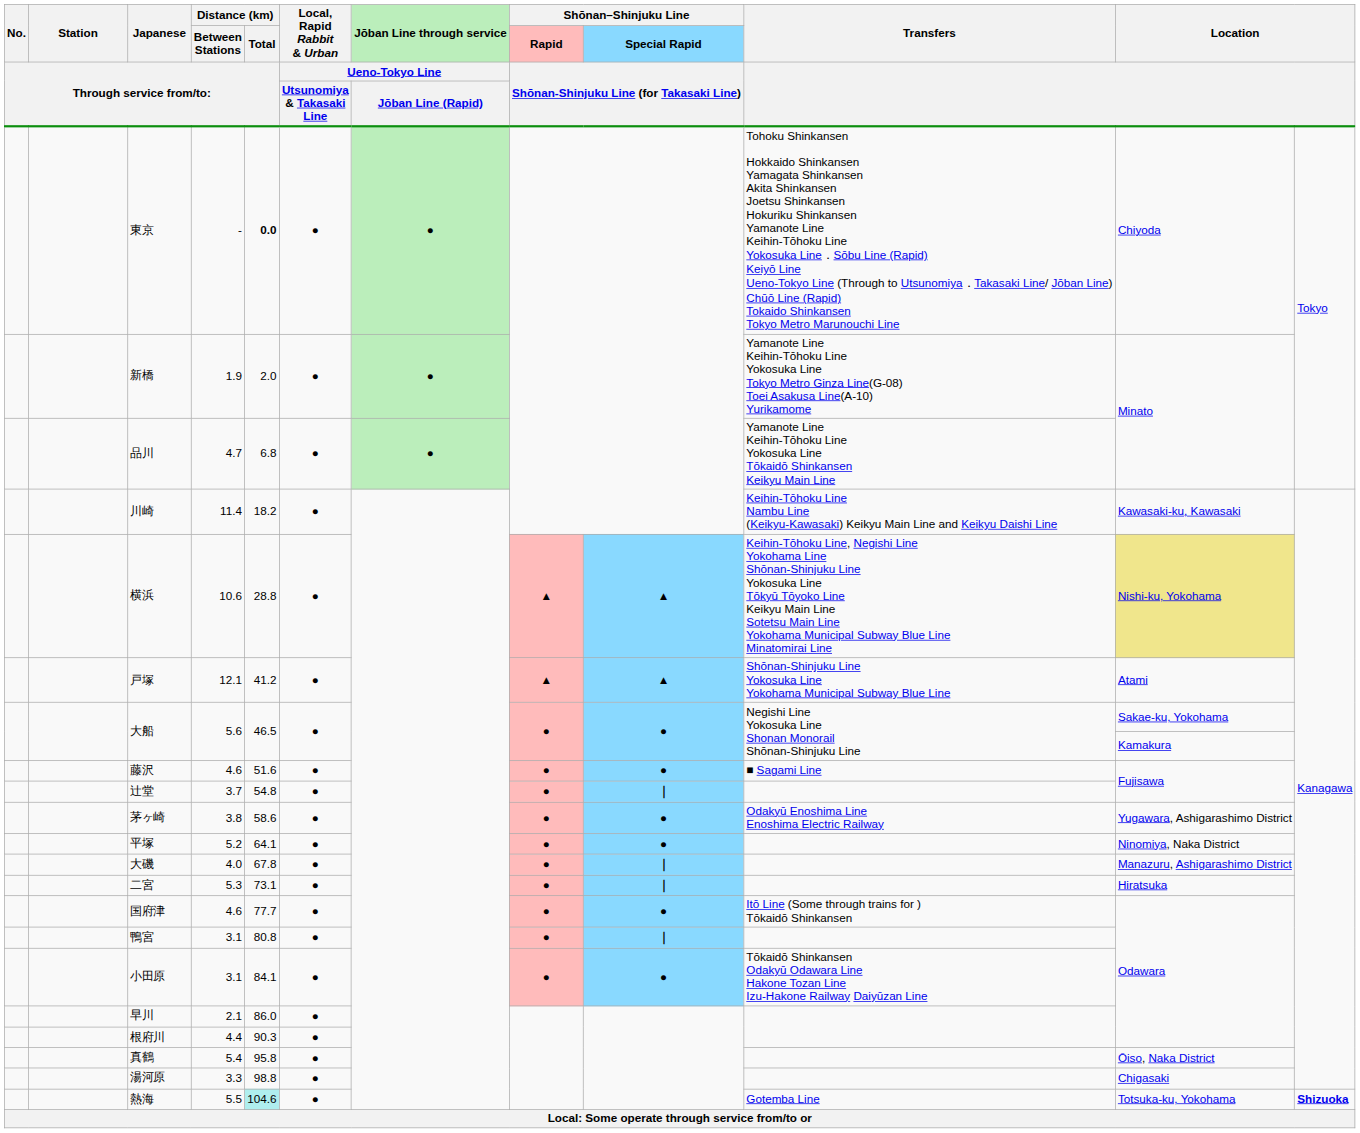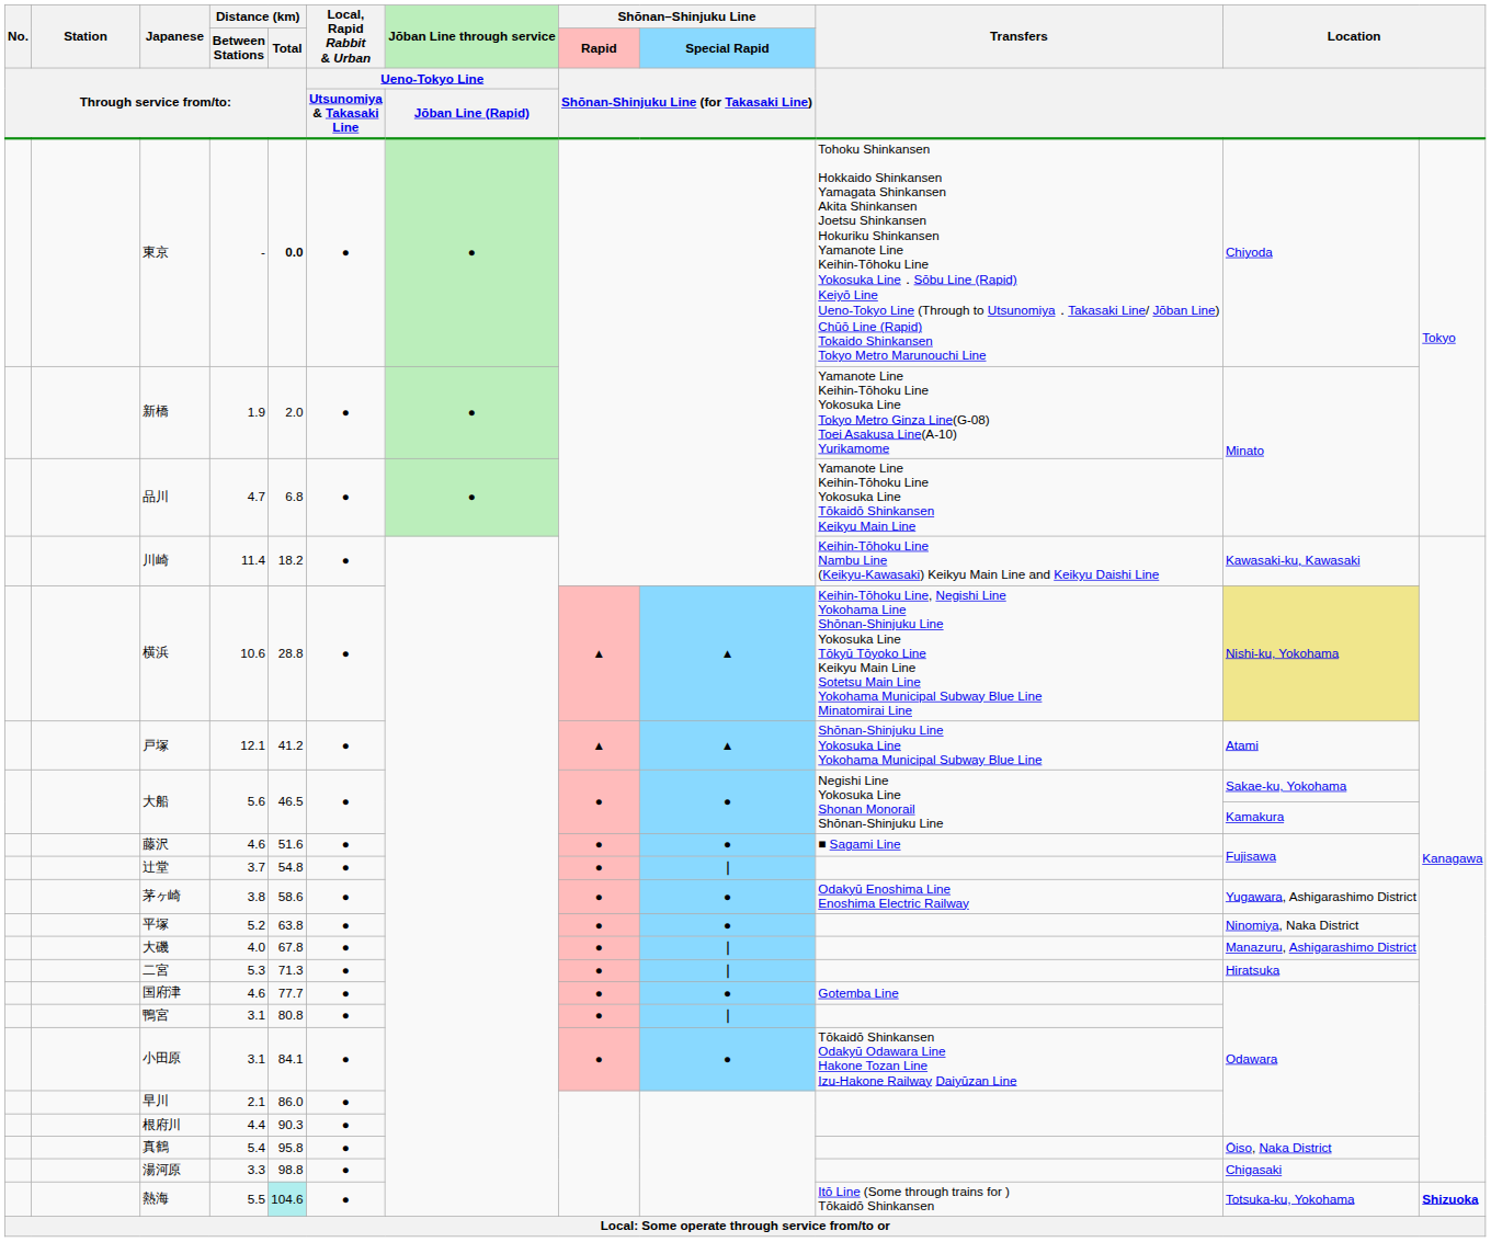 <table class="wikitable" rules="all">
 <tr>
 <th rowspan="2">No.</th>
 <th style="width: 8em;" rowspan="2">Station</th>
 <th style="width: 5em;" rowspan="2">Japanese</th>
 <th colspan="2">Distance (km)</th>
 <th style="width: 50pt;" rowspan="2">Local,<br> Rapid <em>Rabbit</em><br> & <em>Urban</em></th>
 <th style="background:#beb" rowspan="2">Jōban Line through service</th>
 <th colspan="2"><strong>Shōnan–Shinjuku Line</strong></th>
 <th rowspan="2">Transfers</th>
 <th rowspan="2" colspan=2>Location</th>
 </tr>
 <tr>
 <th style="width: 2.5em;">Between<br>Stations</th>
 <th style="width: 2.5em;">Total</th>
 <th style="background:#fbb">Rapid</th>
 <th style="background:#89d9ff">Special Rapid</th>
 </tr>
 <tr>
 <th style="border-bottom:3px solid #0B8E0E" colspan="5" rowspan="2">Through service from/to:</th>
 <th colspan="2"> <a href='#'>Ueno-Tokyo Line</a></th>
 <th colspan="2" rowspan="2" style="border-bottom:3px solid #0B8E0E"> <a href='#'>Shōnan-Shinjuku Line</a> (for  <a href='#'>Takasaki Line</a>)</th>
 <th colspan="3" rowspan="2" style="border-bottom:3px solid #0B8E0E"></th>
 </tr>
 <tr>
 <th style="border-bottom:3px solid #0B8E0E"> <a href='#'>Utsunomiya</a><br>& <a href='#'>Takasaki Line</a></th>
 <th style="border-bottom:3px solid #0B8E0E"> <a href='#'>Jōban Line (Rapid)</a></th>
 </tr>
 <tr>
 <td></td>
 <td></td>
 <td>東京</td>
 <td style="text-align: right">-</td>
 <td style="text-align: right"><strong>0.0</strong></td>
 <td style="text-align: center">●</td>
 <td style="text-align: center; background:#beb">●</td>
 <td colspan="2" rowspan="4" style="text-align: center"></td>
 <td> Tohoku Shinkansen<br><br> Hokkaido Shinkansen<br>  Yamagata Shinkansen<br>  Akita Shinkansen<br>  Joetsu Shinkansen<br>  Hokuriku Shinkansen<br>  Yamanote Line <br>  Keihin-Tōhoku Line <br>  <a href='#'>Yokosuka Line</a>．<a href='#'>Sōbu Line (Rapid)</a><br>  <a href='#'>Keiyō Line</a> <br>  <a href='#'>Ueno-Tokyo Line</a> (Through to  <a href='#'>Utsunomiya</a>．<a href='#'>Takasaki Line</a>/ <a href='#'>Jōban Line</a>)<br>  <a href='#'>Chūō Line (Rapid)</a><br>  <a href='#'>Tokaido Shinkansen</a><br>  <a href='#'>Tokyo Metro Marunouchi Line</a></td>
 <td><a href='#'>Chiyoda</a></td>
 <td rowspan="3"><a href='#'>Tokyo</a></td>
 </tr>
 <tr>
 <td></td>
 <td></td>
 <td>新橋</td>
 <td style="text-align: right">1.9</td>
 <td style="text-align: right">2.0</td>
 <td style="text-align: center">●</td>
 <td style="text-align: center; background:#beb">●</td>
 <td> Yamanote Line<br> Keihin-Tōhoku Line<br> Yokosuka Line<br> <a href='#'>Tokyo Metro Ginza Line</a>(G-08)<br> <a href='#'>Toei Asakusa Line</a>(A-10)<br> <a href='#'>Yurikamome</a></td>
 <td rowspan="2"><a href='#'>Minato</a></td>
 </tr>
 <tr>
 <td></td>
 <td></td>
 <td>品川</td>
 <td style="text-align: right">4.7</td>
 <td style="text-align: right">6.8</td>
 <td style="text-align: center">●</td>
 <td style="text-align: center; background:#beb">●</td>
 <td> Yamanote Line<br> Keihin-Tōhoku Line<br> Yokosuka Line<br> <a href='#'>Tōkaidō Shinkansen</a><br> <a href='#'>Keikyu Main Line</a></td>
 </tr>
 <tr>
 <td></td>
 <td></td>
 <td>川崎</td>
 <td style="text-align: right">11.4</td>
 <td style="text-align: right">18.2</td>
 <td style="text-align: center">●</td>
 <td rowspan="19"></td>
 <td> <a href='#'>Keihin-Tōhoku Line</a><br> <a href='#'>Nambu Line</a><br>(<a href='#'>Keikyu-Kawasaki</a>)  Keikyu Main Line and  <a href='#'>Keikyu Daishi Line</a></td>
 <td><a href='#'>Kawasaki-ku, Kawasaki</a></td>
 <td rowspan="18"><a href='#'>Kanagawa</a></td>
 </tr>
 <tr>
 <td></td>
 <td></td>
 <td>横浜</td>
 <td style="text-align: right">10.6</td>
 <td style="text-align: right">28.8</td>
 <td style="text-align: center">●</td>
 <td style="text-align: center; background:#fbb">▲</td>
 <td style="text-align: center; background:#89d9ff">▲</td>
 <td> <a href='#'>Keihin-Tōhoku Line</a>, <a href='#'>Negishi Line</a><br> <a href='#'>Yokohama Line</a><br> <a href='#'>Shōnan-Shinjuku Line</a><br> Yokosuka Line<br> <a href='#'>Tōkyū Tōyoko Line</a><br> Keikyu Main Line<br> <a href='#'>Sotetsu Main Line</a><br> <a href='#'>Yokohama Municipal Subway Blue Line</a><br> <a href='#'>Minatomirai Line</a></td>
 <td style="background: khaki;"><a href='#'>Nishi-ku, Yokohama</a></td>
 </tr>
 <tr>
 <td></td>
 <td></td>
 <td>戸塚</td>
 <td style="text-align: right">12.1</td>
 <td style="text-align: right">41.2</td>
 <td style="text-align: center">●</td>
 <td style="text-align: center; background:#fbb">▲</td>
 <td style="text-align: center; background:#89d9ff">▲</td>
 <td> <a href='#'>Shōnan-Shinjuku Line</a><br> <a href='#'>Yokosuka Line</a><br>  <a href='#'>Yokohama Municipal Subway Blue Line</a></td>
 <td><a href='#'>Atami</a></td>
 </tr>
 <tr>
 <td rowspan="2"></td>
 <td rowspan="2"></td>
 <td rowspan="2">大船</td>
 <td rowspan="2" style="text-align: right">5.6</td>
 <td rowspan="2" style="text-align: right">46.5</td>
 <td rowspan="2" style="text-align: center">●</td>
 <td rowspan="2" style="text-align: center; background:#fbb">●</td>
 <td rowspan="2" style="text-align: center; background:#89d9ff">●</td>
 <td rowspan="2"> Negishi Line<br> Yokosuka Line<br><a href='#'>Shonan Monorail</a><br>  Shōnan-Shinjuku Line</td>
 <td><a href='#'>Sakae-ku, Yokohama</a></td>
 </tr>
 <tr>
 <td><a href='#'>Kamakura</a></td>
 </tr>
 <tr>
 <td></td>
 <td></td>
 <td>藤沢</td>
 <td style="text-align: right">4.6</td>
 <td style="text-align: right">51.6</td>
 <td style="text-align: center">●</td>
 <td style="text-align: center; background:#fbb">●</td>
 <td style="text-align: center; background:#89d9ff">●</td>
 <td><span>■</span> <a href='#'>Sagami Line</a></td>
 <td rowspan="2"><a href='#'>Fujisawa</a></td>
 </tr>
 <tr>
 <td></td>
 <td></td>
 <td>辻堂</td>
 <td style="text-align: right">3.7</td>
 <td style="text-align: right">54.8</td>
 <td style="text-align: center">●</td>
 <td style="text-align: center; background:#fbb">●</td>
 <td style="text-align: center; background:#89d9ff"><strong>｜</strong></td>
 </tr>
 <tr>
 <td></td>
 <td></td>
 <td>茅ヶ崎</td>
 <td style="text-align: right">3.8</td>
 <td style="text-align: right">58.6</td>
 <td style="text-align: center">●</td>
 <td style="text-align: center; background:#fbb">●</td>
 <td style="text-align: center; background:#89d9ff">●</td>
 <td> <a href='#'>Odakyū Enoshima Line</a><br><a href='#'>Enoshima Electric Railway</a></td>
 <td><a href='#'>Yugawara</a>, Ashigarashimo District</td>
 </tr>
 <tr>
 <td></td>
 <td></td>
 <td>平塚</td>
 <td style="text-align: right">5.2</td>
-<td style="text-align: right">64.1</td>
+<td style="text-align: right">63.8</td>
 <td style="text-align: center">●</td>
 <td style="text-align: center; background:#fbb">●</td>
 <td style="text-align: center; background:#89d9ff">●</td>
 <td> </td>
 <td><a href='#'>Ninomiya</a>, Naka District</td>
 </tr>
 <tr>
 <td></td>
 <td></td>
 <td>大磯</td>
 <td style="text-align: right">4.0</td>
 <td style="text-align: right">67.8</td>
 <td style="text-align: center">●</td>
 <td style="text-align: center; background:#fbb">●</td>
 <td style="text-align: center; background:#89d9ff"><strong>｜</strong></td>
 <td> </td>
 <td><a href='#'>Manazuru</a>, <a href='#'>Ashigarashimo District</a></td>
 </tr>
 <tr>
 <td></td>
 <td></td>
 <td>二宮</td>
 <td style="text-align: right">5.3</td>
-<td style="text-align: right">73.1</td>
+<td style="text-align: right">71.3</td>
 <td style="text-align: center">●</td>
 <td style="text-align: center; background:#fbb">●</td>
 <td style="text-align: center; background:#89d9ff"><strong>｜</strong></td>
 <td> </td>
 <td><a href='#'>Hiratsuka</a></td>
 </tr>
 <tr>
 <td></td>
 <td></td>
 <td>国府津</td>
 <td style="text-align: right">4.6</td>
 <td style="text-align: right">77.7</td>
 <td style="text-align: center">●</td>
 <td style="text-align: center; background:#fbb">●</td>
 <td style="text-align: center; background:#89d9ff">●</td>
-<td> <a href='#'>Itō Line</a> (Some through trains for )<br> Tōkaidō Shinkansen</td>
+<td> <a href='#'>Gotemba Line</a></td>
 <td rowspan=5><a href='#'>Odawara</a></td>
 </tr>
 <tr>
 <td></td>
 <td></td>
 <td>鴨宮</td>
 <td style="text-align: right">3.1</td>
 <td style="text-align: right">80.8</td>
 <td style="text-align: center">●</td>
 <td style="text-align: center; background:#fbb">●</td>
 <td style="text-align: center; background:#89d9ff"><strong>｜</strong></td>
 <td> </td>
 </tr>
 <tr>
 <td></td>
 <td></td>
 <td>小田原</td>
 <td style="text-align: right">3.1</td>
 <td style="text-align: right">84.1</td>
 <td style="text-align: center">●</td>
 <td style="text-align: center; background:#fbb">●</td>
 <td style="text-align: center; background:#89d9ff">●</td>
 <td> Tōkaidō Shinkansen<br> <a href='#'>Odakyū Odawara Line</a><br> <a href='#'>Hakone Tozan Line</a><br><a href='#'>Izu-Hakone Railway</a> <a href='#'>Daiyūzan Line</a></td>
 </tr>
 <tr>
 <td></td>
 <td></td>
 <td>早川</td>
 <td style="text-align: right">2.1</td>
 <td style="text-align: right">86.0</td>
 <td style="text-align: center">●</td>
 <td rowspan="5"></td>
 <td rowspan="5"></td>
 </tr>
 <tr>
 <td></td>
 <td></td>
 <td>根府川</td>
 <td style="text-align: right">4.4</td>
 <td style="text-align: right">90.3</td>
 <td style="text-align: center">●</td>
 </tr>
 <tr>
 <td></td>
 <td></td>
 <td>真鶴</td>
 <td style="text-align: right">5.4</td>
 <td style="text-align: right">95.8</td>
 <td style="text-align: center">●</td>
 <td> </td>
 <td><a href='#'>Ōiso</a>, <a href='#'>Naka District</a></td>
 </tr>
 <tr>
 <td></td>
 <td></td>
 <td>湯河原</td>
 <td style="text-align: right">3.3</td>
 <td style="text-align: right">98.8</td>
 <td style="text-align: center">●</td>
 <td> </td>
 <td><a href='#'>Chigasaki</a></td>
 </tr>
 <tr>
 <td></td>
 <td></td>
 <td>熱海</td>
 <td style="text-align: right">5.5</td>
 <td style="background: paleturquoise; text-align: right">104.6</td>
 <td style="text-align: center">●</td>
-<td> <a href='#'>Gotemba Line</a></td>
+<td> <a href='#'>Itō Line</a> (Some through trains for )<br> Tōkaidō Shinkansen</td>
 <td><a href='#'>Totsuka-ku, Yokohama</a></td>
 <td><strong><a href='#'>Shizuoka</a></strong></td>
 </tr>
 <tr>
 <th colspan="12">Local: Some operate through service from/to  or </th>
 </tr>
 </table>
